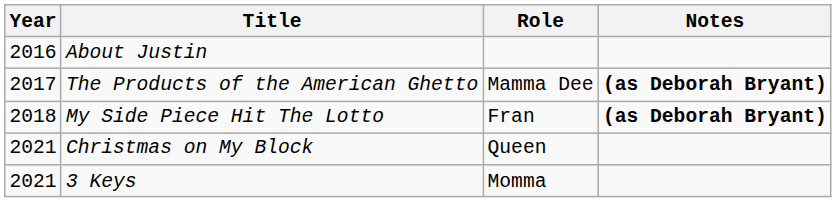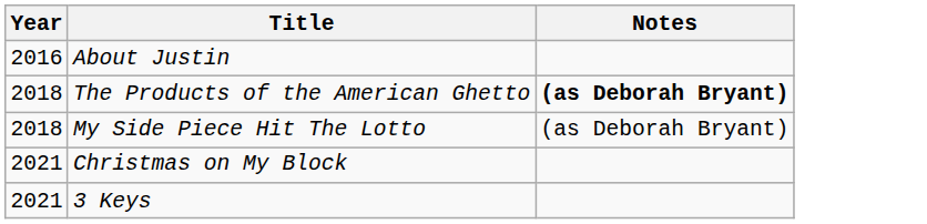 <table class="wikitable sortable">
 <tr>
 <th>Year</th>
 <th>Title</th>
-<th>Role</th>
 <th>Notes</th>
 </tr>
 <tr>
 <td>2016</td>
 <td><em>About Justin</em></td>
 <td></td>
-<td></td>
 </tr>
 <tr>
-<td>2017</td>
+<td>2018</td>
 <td><em>The Products of the American Ghetto</em></td>
-<td>Mamma Dee</td>
 <td><strong>(as Deborah Bryant)</strong></td>
 </tr>
 <tr>
 <td>2018</td>
 <td><em>My Side Piece Hit The Lotto</em></td>
-<td>Fran</td>
-<td><strong>(as Deborah Bryant)</strong></td>
+<td>(as Deborah Bryant)</td>
 </tr>
 <tr>
 <td>2021</td>
 <td><em>Christmas on My Block</em></td>
-<td>Queen</td>
 <td></td>
 </tr>
 <tr>
 <td>2021</td>
 <td><em>3 Keys</em></td>
-<td>Momma</td>
 <td></td>
 </tr>
 </table>
